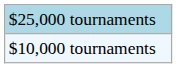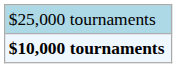 <table class="wikitable"  style="font-size:90%; width:11%;">
 <tr style="background:lightblue;">
 <td>$25,000 tournaments</td>
 </tr>
 <tr style="background:#f0f8ff;">
-<td>$10,000 tournaments</td>
+<td><strong>$10,000 tournaments</strong></td>
 </tr>
 </table>
